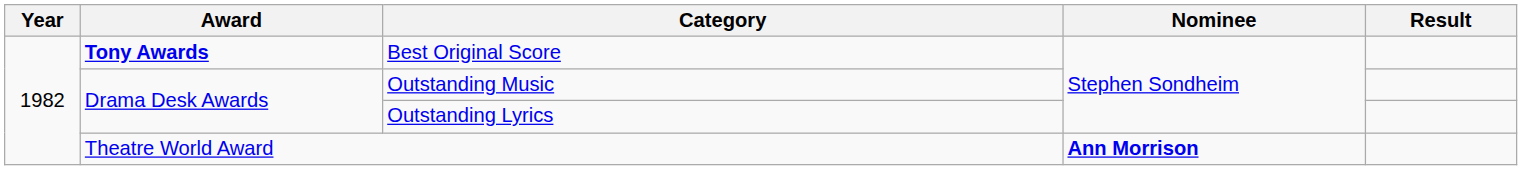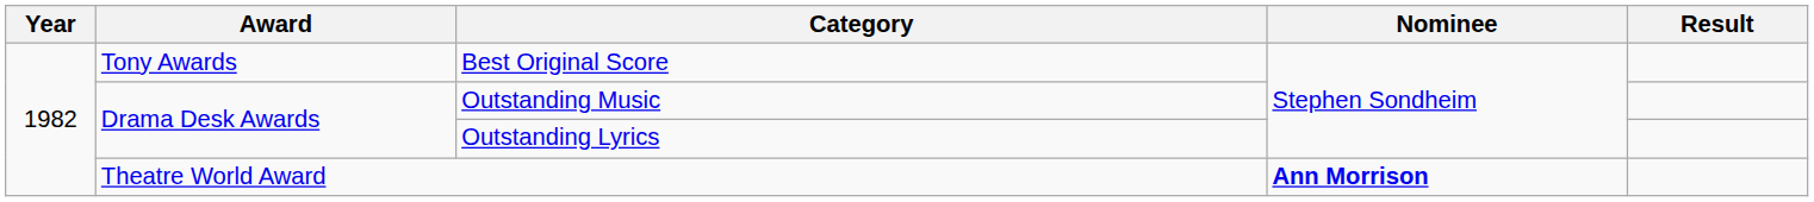 <table class="wikitable" width="95%">
 <tr>
 <th width="5%">Year</th>
 <th width="20%">Award</th>
 <th width="45%">Category</th>
 <th width="20%">Nominee</th>
 <th width="10%">Result</th>
 </tr>
 <tr>
 <td rowspan="4" align="center">1982</td>
-<td><strong><a href='#'>Tony Awards</a></strong></td>
+<td><a href='#'>Tony Awards</a></td>
 <td><a href='#'>Best Original Score</a></td>
 <td rowspan="3"><a href='#'>Stephen Sondheim</a></td>
 <td></td>
 </tr>
 <tr>
 <td rowspan="2"><a href='#'>Drama Desk Awards</a></td>
 <td><a href='#'>Outstanding Music</a></td>
 <td></td>
 </tr>
 <tr>
 <td><a href='#'>Outstanding Lyrics</a></td>
 <td></td>
 </tr>
 <tr>
 <td colspan="2"><a href='#'>Theatre World Award</a></td>
 <td><strong><a href='#'>Ann Morrison</a></strong></td>
 <td></td>
 </tr>
 </table>
